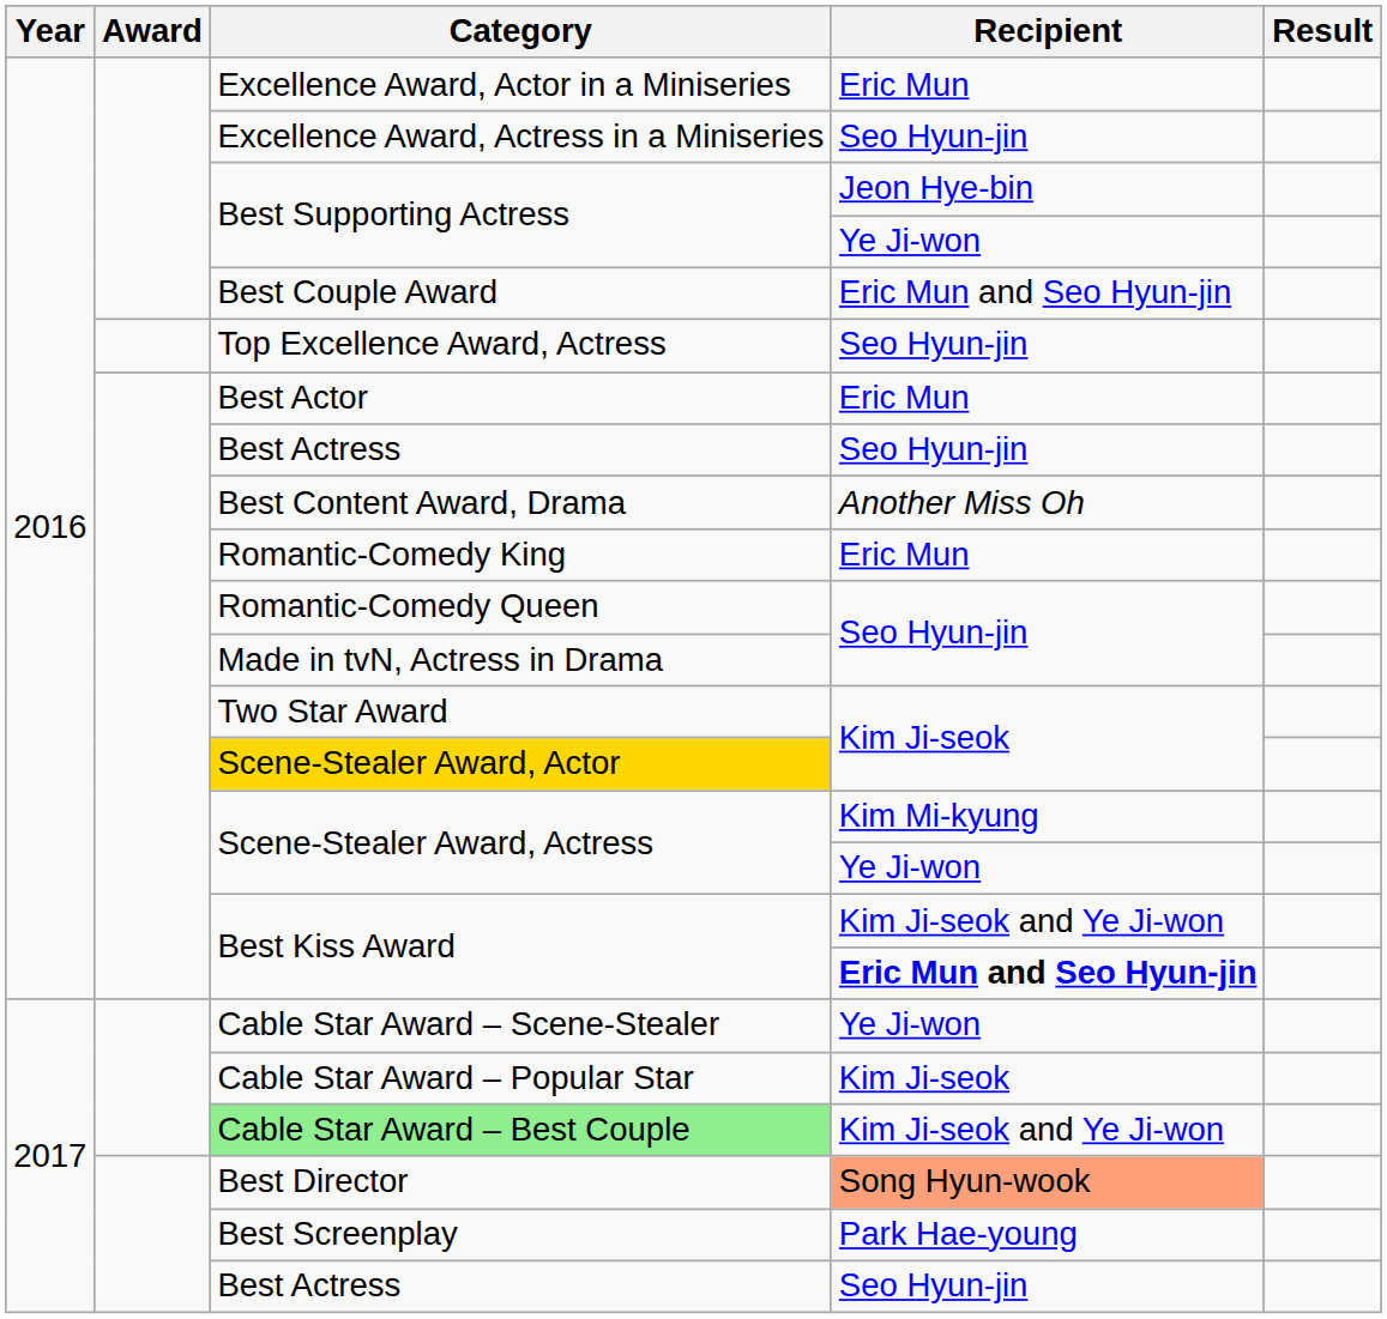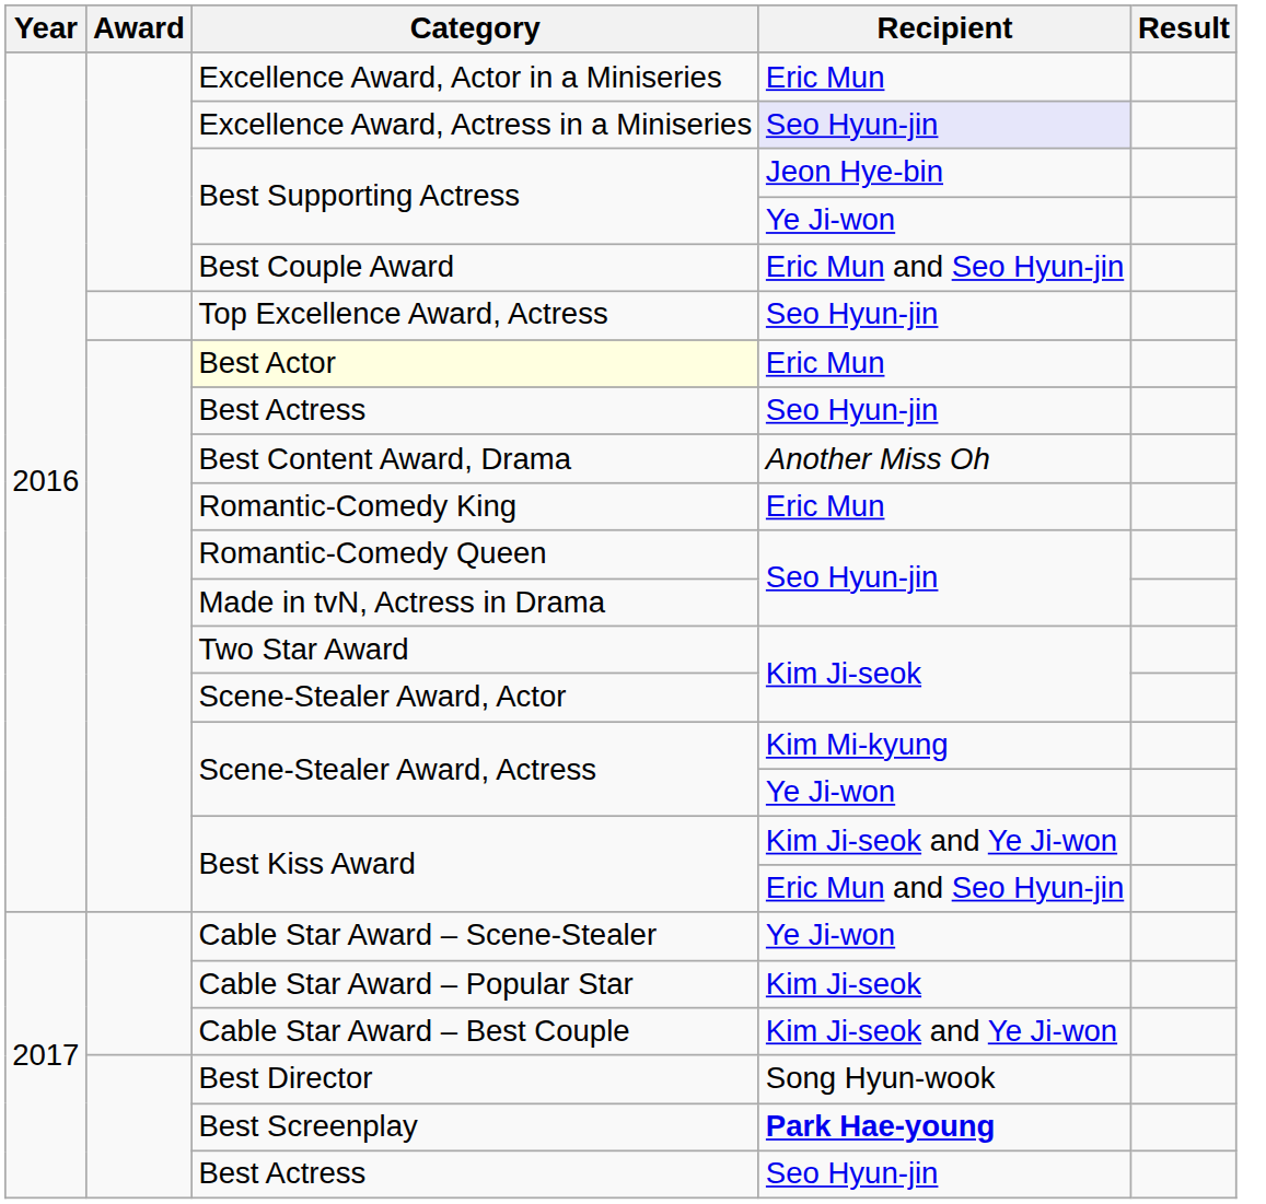 <table class="wikitable">
 <tr>
 <th>Year</th>
 <th>Award</th>
 <th>Category</th>
 <th>Recipient</th>
 <th>Result</th>
 </tr>
 <tr>
 <td rowspan="18">2016</td>
 <td rowspan="5"></td>
 <td>Excellence Award, Actor in a Miniseries</td>
 <td><a href='#'>Eric Mun</a></td>
 <td></td>
 </tr>
 <tr>
 <td>Excellence Award, Actress in a Miniseries</td>
-<td><a href='#'>Seo Hyun-jin</a></td>
+<td style="background: lavender;"><a href='#'>Seo Hyun-jin</a></td>
 <td></td>
 </tr>
 <tr>
 <td rowspan="2">Best Supporting Actress</td>
 <td><a href='#'>Jeon Hye-bin</a></td>
 <td></td>
 </tr>
 <tr>
 <td><a href='#'>Ye Ji-won</a></td>
 <td></td>
 </tr>
 <tr>
 <td>Best Couple Award</td>
 <td><a href='#'>Eric Mun</a> and <a href='#'>Seo Hyun-jin</a></td>
 <td></td>
 </tr>
 <tr>
 <td></td>
 <td>Top Excellence Award, Actress</td>
 <td><a href='#'>Seo Hyun-jin</a></td>
 <td></td>
 </tr>
 <tr>
 <td rowspan="12"></td>
-<td>Best Actor</td>
+<td style="background: lightyellow;">Best Actor</td>
 <td><a href='#'>Eric Mun</a></td>
 <td></td>
 </tr>
 <tr>
 <td>Best Actress</td>
 <td><a href='#'>Seo Hyun-jin</a></td>
 <td></td>
 </tr>
 <tr>
 <td>Best Content Award, Drama</td>
 <td><em>Another Miss Oh</em></td>
 <td></td>
 </tr>
 <tr>
 <td>Romantic-Comedy King</td>
 <td><a href='#'>Eric Mun</a></td>
 <td></td>
 </tr>
 <tr>
 <td>Romantic-Comedy Queen</td>
 <td rowspan="2"><a href='#'>Seo Hyun-jin</a></td>
 <td></td>
 </tr>
 <tr>
 <td>Made in tvN, Actress in Drama</td>
 <td></td>
 </tr>
 <tr>
 <td>Two Star Award</td>
 <td rowspan="2"><a href='#'>Kim Ji-seok</a></td>
 <td></td>
 </tr>
 <tr>
-<td style="background: gold;">Scene-Stealer Award, Actor</td>
+<td>Scene-Stealer Award, Actor</td>
 <td></td>
 </tr>
 <tr>
 <td rowspan="2">Scene-Stealer Award, Actress</td>
 <td><a href='#'>Kim Mi-kyung</a></td>
 <td></td>
 </tr>
 <tr>
 <td><a href='#'>Ye Ji-won</a></td>
 <td></td>
 </tr>
 <tr>
 <td rowspan="2">Best Kiss Award</td>
 <td><a href='#'>Kim Ji-seok</a> and <a href='#'>Ye Ji-won</a></td>
 <td></td>
 </tr>
 <tr>
-<td><strong><a href='#'>Eric Mun</a> and <a href='#'>Seo Hyun-jin</a></strong></td>
+<td><a href='#'>Eric Mun</a> and <a href='#'>Seo Hyun-jin</a></td>
 <td></td>
 </tr>
 <tr>
 <td rowspan="6">2017</td>
 <td rowspan="3"></td>
 <td>Cable Star Award – Scene-Stealer</td>
 <td><a href='#'>Ye Ji-won</a></td>
 <td></td>
 </tr>
 <tr>
 <td>Cable Star Award – Popular Star</td>
 <td><a href='#'>Kim Ji-seok</a></td>
 <td></td>
 </tr>
 <tr>
-<td style="background: lightgreen;">Cable Star Award – Best Couple</td>
+<td>Cable Star Award – Best Couple</td>
 <td><a href='#'>Kim Ji-seok</a> and <a href='#'>Ye Ji-won</a></td>
 <td></td>
 </tr>
 <tr>
 <td rowspan="3"></td>
 <td>Best Director</td>
-<td style="background: lightsalmon;">Song Hyun-wook</td>
+<td>Song Hyun-wook</td>
 <td></td>
 </tr>
 <tr>
 <td>Best Screenplay</td>
-<td><a href='#'>Park Hae-young</a></td>
+<td><strong><a href='#'>Park Hae-young</a></strong></td>
 <td></td>
 </tr>
 <tr>
 <td>Best Actress</td>
 <td><a href='#'>Seo Hyun-jin</a></td>
 <td></td>
 </tr>
 </table>
